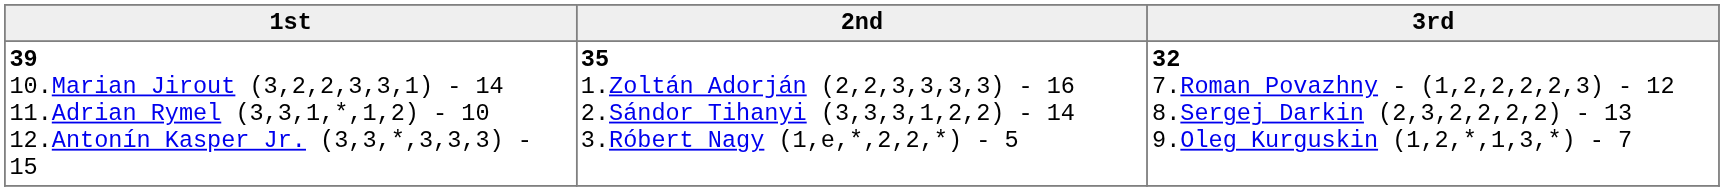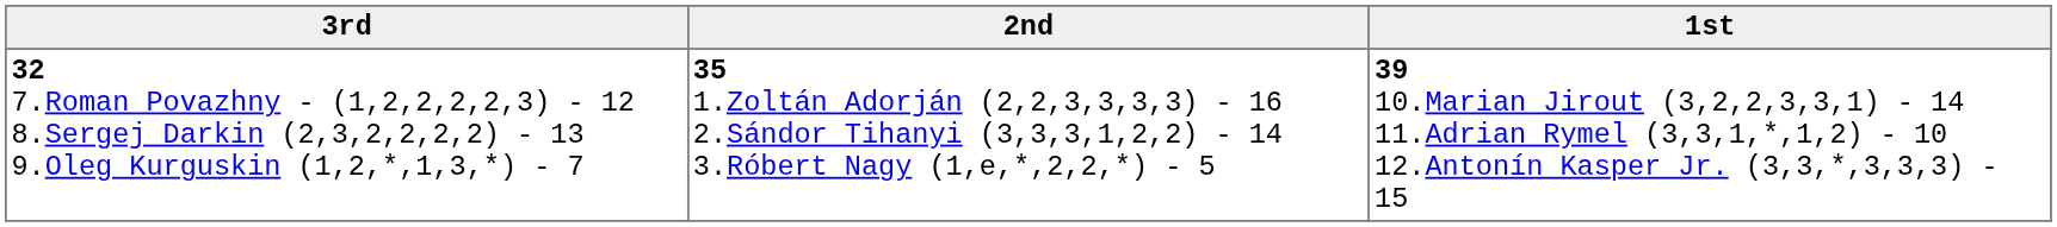 <table border=1 cellpadding=2 cellspacing=0 width=75% style="border-collapse:collapse">
 <tr align=left style="background:#efefef;">
+<th width=15% align=center >3rd</th>
+<th width=15% align=center >2nd</th>
 <th width=15% align=center >1st</th>
-<th width=15% align=center >2nd</th>
-<th width=15% align=center >3rd</th>
 </tr>
 <tr align=left>
+<td valign=top align=left ><strong> 32</strong><br>7.<a href='#'>Roman Povazhny</a> - (1,2,2,2,2,3) - 12<br>8.<a href='#'>Sergej Darkin</a> (2,3,2,2,2,2) - 13<br>9.<a href='#'>Oleg Kurguskin</a> (1,2,*,1,3,*) - 7</td>
+<td valign=top align=left ><strong> 35</strong><br>1.<a href='#'>Zoltán Adorján</a> (2,2,3,3,3,3) - 16<br>2.<a href='#'>Sándor Tihanyi</a> (3,3,3,1,2,2) - 14<br>3.<a href='#'>Róbert Nagy</a> (1,e,*,2,2,*) - 5</td>
 <td valign=top align=left ><strong> 39</strong><br>10.<a href='#'>Marian Jirout</a> (3,2,2,3,3,1) - 14<br>11.<a href='#'>Adrian Rymel</a> (3,3,1,*,1,2) - 10<br>12.<a href='#'>Antonín Kasper Jr.</a> (3,3,*,3,3,3) - 15</td>
-<td valign=top align=left ><strong> 35</strong><br>1.<a href='#'>Zoltán Adorján</a> (2,2,3,3,3,3) - 16<br>2.<a href='#'>Sándor Tihanyi</a> (3,3,3,1,2,2) - 14<br>3.<a href='#'>Róbert Nagy</a> (1,e,*,2,2,*) - 5</td>
-<td valign=top align=left ><strong> 32</strong><br>7.<a href='#'>Roman Povazhny</a> - (1,2,2,2,2,3) - 12<br>8.<a href='#'>Sergej Darkin</a> (2,3,2,2,2,2) - 13<br>9.<a href='#'>Oleg Kurguskin</a> (1,2,*,1,3,*) - 7</td>
 </tr>
 </table>
